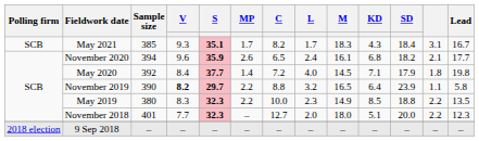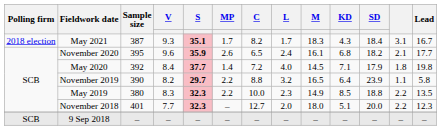 <table class="wikitable sortable" style="text-align:center;font-size:90%;line-height:14px;">
 <tr style="height:40px;">
 <th rowspan="2">Polling firm</th>
 <th rowspan="2">Fieldwork date</th>
 <th rowspan="2">Sample<br>size</th>
 <th class="sortable" style="width:40px;"><a href='#'>V</a></th>
 <th class="sortable" style="width:40px;"><a href='#'>S</a></th>
 <th class="sortable" style="width:40px;"><a href='#'>MP</a></th>
 <th class="sortable" style="width:40px;"><a href='#'>C</a></th>
 <th class="sortable" style="width:40px;"><a href='#'>L</a></th>
 <th class="sortable" style="width:40px;"><a href='#'>M</a></th>
 <th class="sortable" style="width:40px;"><a href='#'>KD</a></th>
 <th class="sortable" style="width:40px;"><a href='#'>SD</a></th>
 <th class="sortable" style="width:30px;" rowspan="2"></th>
 <th style="width:30px;" rowspan="2">Lead</th>
 </tr>
 <tr>
 <th style="background:"></th>
 <th style="background:"></th>
 <th style="background:"></th>
 <th style="background:"></th>
 <th style="background:"></th>
 <th style="background:"></th>
 <th style="background:"></th>
 <th style="background:"></th>
 </tr>
 <tr>
-<td>SCB</td>
+<td><a href='#'>2018 election</a></td>
 <td>May 2021</td>
-<td>385</td>
+<td>387</td>
 <td>9.3</td>
 <td style="background:#F9BDC5;"><strong>35.1</strong></td>
 <td>1.7</td>
 <td>8.2</td>
 <td>1.7</td>
 <td>18.3</td>
 <td>4.3</td>
 <td>18.4</td>
 <td>3.1</td>
 <td style="background:">16.7</td>
 </tr>
 <tr>
 <td rowspan="5">SCB</td>
 <td>November 2020</td>
-<td>394</td>
+<td>395</td>
 <td>9.6</td>
 <td style="background:#F9BDC5;"><strong>35.9</strong></td>
 <td>2.6</td>
 <td>6.5</td>
 <td>2.4</td>
 <td>16.1</td>
 <td>6.8</td>
 <td>18.2</td>
 <td>2.1</td>
 <td style="background:">17.7</td>
 </tr>
 <tr>
 <td>May 2020</td>
 <td>392</td>
 <td>8.4</td>
 <td style="background:#F9BDC5;"><strong>37.7</strong></td>
 <td>1.4</td>
 <td>7.2</td>
 <td>4.0</td>
 <td>14.5</td>
 <td>7.1</td>
 <td>17.9</td>
 <td>1.8</td>
 <td style="background:">19.8</td>
 </tr>
 <tr>
 <td>November 2019</td>
 <td>390</td>
-<td><strong>8.2</strong></td>
+<td>8.2</td>
 <td style="background:#F9BDC5;"><strong>29.7</strong></td>
 <td>2.2</td>
 <td>8.8</td>
 <td>3.2</td>
 <td>16.5</td>
 <td>6.4</td>
 <td>23.9</td>
 <td>1.1</td>
 <td style="background:">5.8</td>
 </tr>
 <tr>
 <td>May 2019</td>
 <td>380</td>
 <td>8.3</td>
 <td style="background:#F9BDC5;"><strong>32.3</strong></td>
 <td>2.2</td>
 <td>10.0</td>
 <td>2.3</td>
 <td>14.9</td>
 <td>8.5</td>
 <td>18.8</td>
 <td>2.2</td>
 <td style="background:">13.5</td>
 </tr>
 <tr>
 <td>November 2018</td>
 <td>401</td>
 <td>7.7</td>
 <td style="background:#F9BDC5;"><strong>32.3</strong></td>
 <td>–</td>
 <td>12.7</td>
 <td>2.0</td>
 <td>18.0</td>
 <td>5.1</td>
 <td>20.0</td>
 <td>2.2</td>
 <td style="background:">12.3</td>
 </tr>
 <tr>
 </tr>
 <tr style="background:#E9E9E9;">
-<td><a href='#'>2018 election</a></td>
+<td>SCB</td>
 <td data-sort-value="2018-09-09">9 Sep 2018</td>
 <td>–</td>
 <td>–</td>
 <td>–</td>
 <td>–</td>
 <td>–</td>
 <td>–</td>
 <td>–</td>
 <td>–</td>
 <td>–</td>
 <td>–</td>
 <td>–</td>
 </tr>
 </table>
